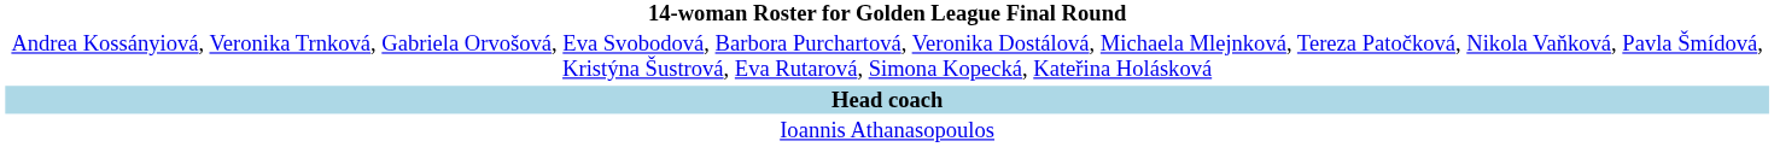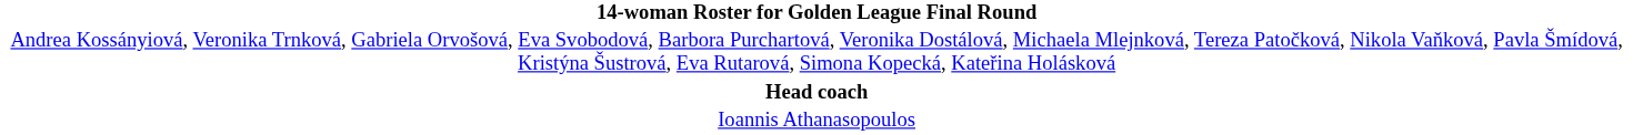 <table style="text-align:center; margin-top:2em; margin-left:auto; margin-right:auto">
 <tr>
 <td><strong>14-woman Roster for Golden League Final Round</strong></td>
 </tr>
 <tr>
 <td><a href='#'>Andrea Kossányiová</a>, <a href='#'>Veronika Trnková</a>, <a href='#'>Gabriela Orvošová</a>, <a href='#'>Eva Svobodová</a>, <a href='#'>Barbora Purchartová</a>, <a href='#'>Veronika Dostálová</a>, <a href='#'>Michaela Mlejnková</a>, <a href='#'>Tereza Patočková</a>, <a href='#'>Nikola Vaňková</a>, <a href='#'>Pavla Šmídová</a>, <a href='#'>Kristýna Šustrová</a>, <a href='#'>Eva Rutarová</a>, <a href='#'>Simona Kopecká</a>, <a href='#'>Kateřina Holásková</a></td>
 </tr>
 <tr>
-<td style="background: lightblue;"><strong>Head coach</strong></td>
+<td><strong>Head coach</strong></td>
 </tr>
 <tr>
 <td><a href='#'>Ioannis Athanasopoulos</a></td>
 </tr>
 </table>
